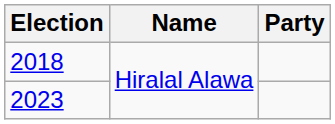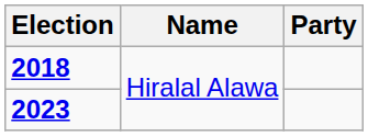 <table class="wikitable sortable">
 <tr>
 <th>Election</th>
 <th>Name</th>
 <th colspan=2>Party</th>
 </tr>
 <tr>
-<td><a href='#'>2018</a></td>
+<td><strong><a href='#'>2018</a></strong></td>
 <td rowspan=2><a href='#'>Hiralal Alawa</a></td>
 <td></td>
 </tr>
 <tr>
-<td><a href='#'>2023</a></td>
+<td><strong><a href='#'>2023</a></strong></td>
 </tr>
 </table>
